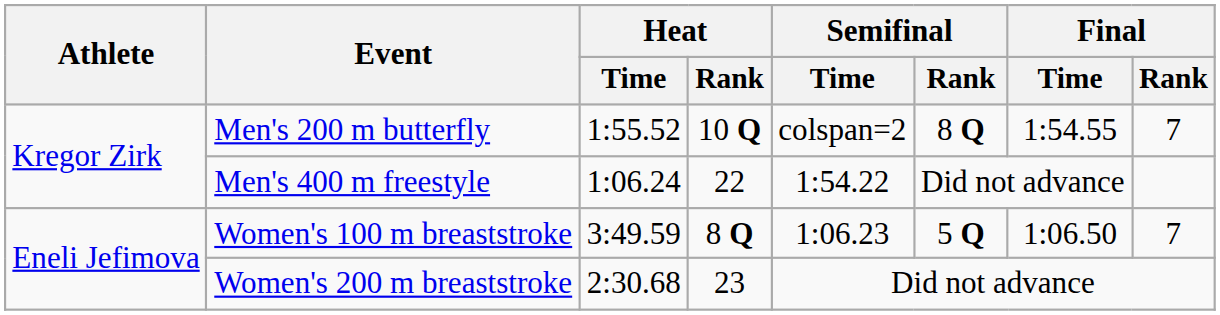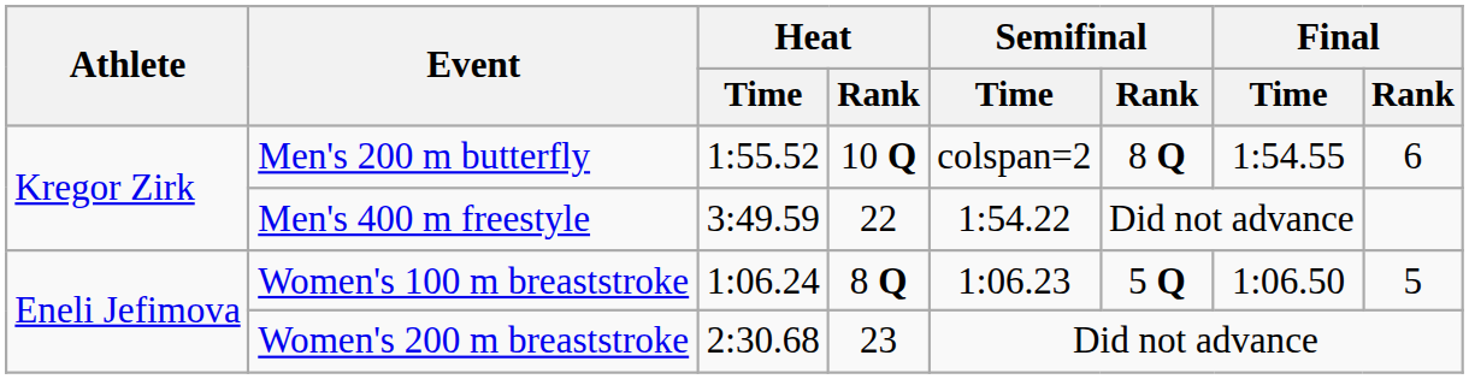 <table class=wikitable style="font-size:90%">
 <tr>
 <th rowspan="2">Athlete</th>
 <th rowspan="2">Event</th>
 <th colspan="2">Heat</th>
 <th colspan="2">Semifinal</th>
 <th colspan="2">Final</th>
 </tr>
 <tr style="font-size:95%">
 <th>Time</th>
 <th>Rank</th>
 <th>Time</th>
 <th>Rank</th>
 <th>Time</th>
 <th>Rank</th>
 </tr>
 <tr align=center>
 <td align=left rowspan=2><a href='#'>Kregor Zirk</a></td>
 <td align=left><a href='#'>Men's 200 m butterfly</a></td>
 <td>1:55.52</td>
 <td>10 <strong>Q</strong></td>
 <td>colspan=2 </td>
 <td>8 <strong>Q</strong></td>
 <td>1:54.55</td>
-<td>7</td>
+<td>6</td>
 </tr>
 <tr align=center>
 <td align=left><a href='#'>Men's 400 m freestyle</a></td>
-<td>1:06.24</td>
+<td>3:49.59</td>
 <td>22</td>
 <td>1:54.22</td>
 <td colspan=2>Did not advance</td>
 </tr>
 <tr align=center>
 <td align=left rowspan=2><a href='#'>Eneli Jefimova</a></td>
 <td align=left><a href='#'>Women's 100 m breaststroke</a></td>
-<td>3:49.59</td>
+<td>1:06.24</td>
 <td>8 <strong>Q</strong></td>
 <td>1:06.23</td>
 <td>5 <strong>Q</strong></td>
 <td>1:06.50</td>
-<td>7</td>
+<td>5</td>
 </tr>
 <tr align=center>
 <td align=left><a href='#'>Women's 200 m breaststroke</a></td>
 <td>2:30.68</td>
 <td>23</td>
 <td colspan=4>Did not advance</td>
 </tr>
 </table>
